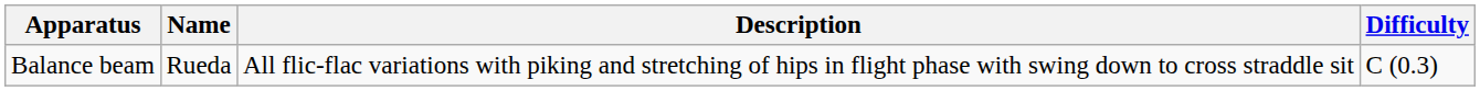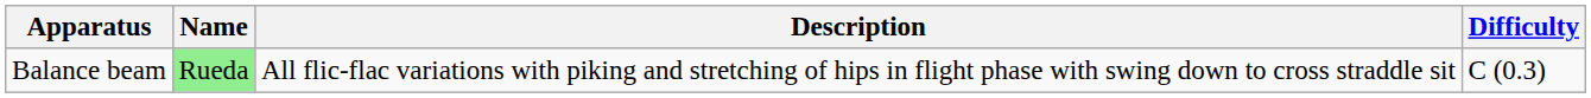 <table class="wikitable">
 <tr>
 <th>Apparatus</th>
 <th>Name</th>
 <th>Description</th>
 <th><a href='#'>Difficulty</a></th>
 </tr>
 <tr>
 <td>Balance beam</td>
-<td>Rueda</td>
+<td style="background: lightgreen;">Rueda</td>
 <td>All flic-flac variations with piking and stretching of hips in flight phase with swing down to cross straddle sit</td>
 <td>C (0.3)</td>
 </tr>
 </table>
